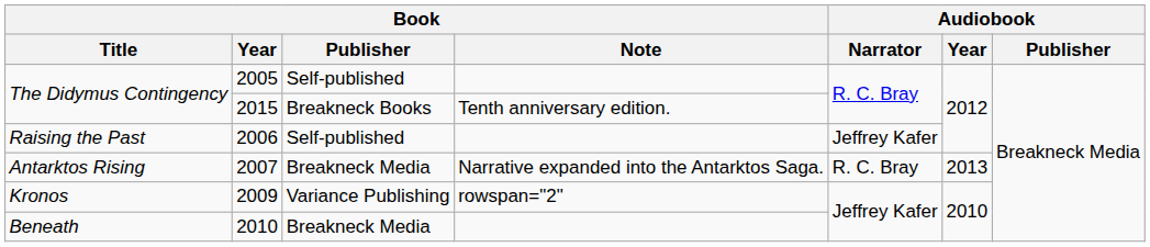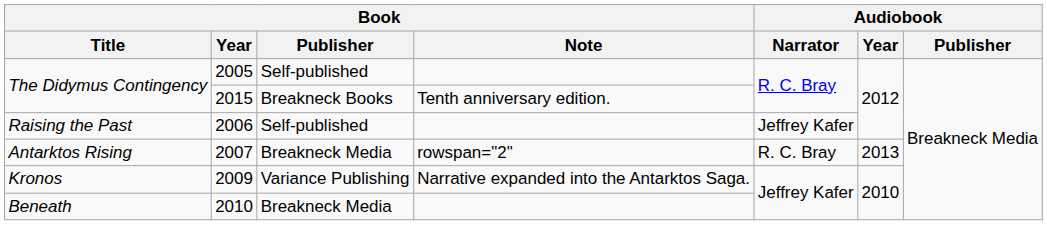 <table class="wikitable">
 <tr>
 <th colspan="4">Book</th>
 <th colspan="3">Audiobook</th>
 </tr>
 <tr>
 <th>Title</th>
 <th>Year</th>
 <th>Publisher</th>
 <th>Note</th>
 <th>Narrator</th>
 <th>Year</th>
 <th>Publisher</th>
 </tr>
 <tr>
 <td rowspan="2"><em>The Didymus Contingency</em></td>
 <td>2005</td>
 <td>Self-published</td>
 <td></td>
 <td rowspan="2"><a href='#'>R. C. Bray</a></td>
 <td rowspan="3">2012</td>
 <td rowspan="6">Breakneck Media</td>
 </tr>
 <tr>
 <td>2015</td>
 <td>Breakneck Books</td>
 <td>Tenth anniversary edition.</td>
 </tr>
 <tr>
 <td><em>Raising the Past</em></td>
 <td>2006</td>
 <td>Self-published</td>
 <td></td>
 <td>Jeffrey Kafer</td>
 </tr>
 <tr>
 <td><em>Antarktos Rising</em></td>
 <td>2007</td>
 <td>Breakneck Media</td>
-<td>Narrative expanded into the Antarktos Saga.</td>
+<td>rowspan="2" </td>
 <td>R. C. Bray</td>
 <td>2013</td>
 </tr>
 <tr>
 <td><em>Kronos</em></td>
 <td>2009</td>
 <td>Variance Publishing</td>
-<td>rowspan="2" </td>
+<td>Narrative expanded into the Antarktos Saga.</td>
 <td rowspan="2">Jeffrey Kafer</td>
 <td rowspan="2">2010</td>
 </tr>
 <tr>
 <td><em>Beneath</em></td>
 <td>2010</td>
 <td>Breakneck Media</td>
 </tr>
 </table>
